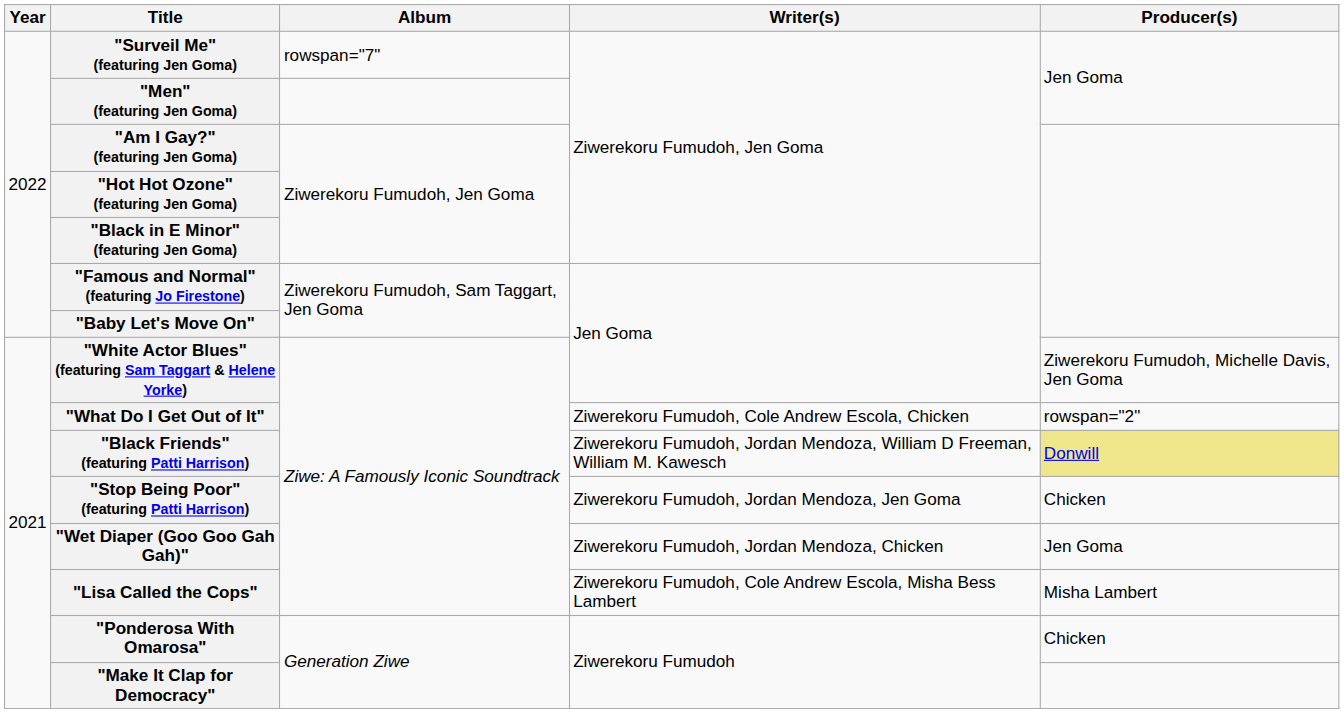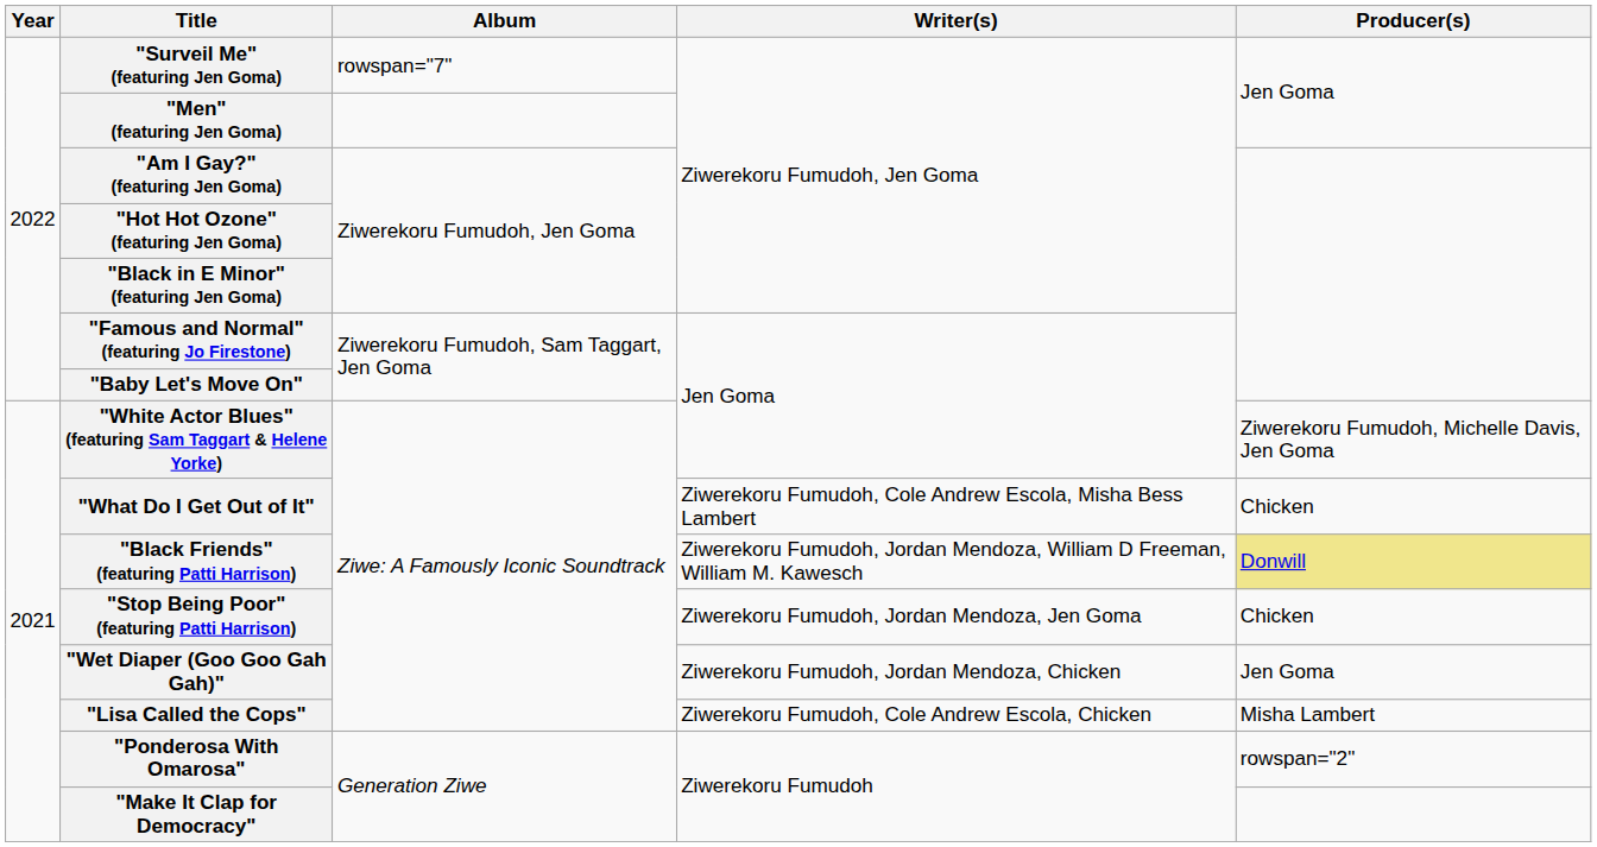 <table class="wikitable plainrowheaders" style="text-align:left;">
 <tr>
 <th scope="col">Year</th>
 <th scope="col">Title</th>
 <th scope="col">Album</th>
 <th scope="col">Writer(s)</th>
 <th scope="col">Producer(s)</th>
 </tr>
 <tr>
 <td rowspan="7">2022</td>
 <th scope="row">"Surveil Me"<br><small>(featuring Jen Goma)</small></th>
 <td>rowspan="7" </td>
 <td rowspan="5">Ziwerekoru Fumudoh, Jen Goma</td>
 <td rowspan="2">Jen Goma</td>
 </tr>
 <tr>
 <th scope="row">"Men"<br><small>(featuring Jen Goma)</small></th>
 </tr>
 <tr>
 <th scope="row">"Am I Gay?"<br><small>(featuring Jen Goma)</small></th>
 <td rowspan="3">Ziwerekoru Fumudoh, Jen Goma</td>
 </tr>
 <tr>
 <th scope="row">"Hot Hot Ozone"<br><small>(featuring Jen Goma)</small></th>
 </tr>
 <tr>
 <th scope="row">"Black in E Minor"<br><small>(featuring Jen Goma)</small></th>
 </tr>
 <tr>
 <th scope="row">"Famous and Normal"<br><small>(featuring <a href='#'>Jo Firestone</a>)</small></th>
 <td rowspan="2">Ziwerekoru Fumudoh, Sam Taggart, Jen Goma</td>
 <td rowspan="3">Jen Goma</td>
 </tr>
 <tr>
 <th scope="row">"Baby Let's Move On"</th>
 </tr>
 <tr>
 <td rowspan="8">2021</td>
 <th scope="row">"White Actor Blues" <br><small>(featuring <a href='#'>Sam Taggart</a> & <a href='#'>Helene Yorke</a>)</small></th>
 <td rowspan="6"><em>Ziwe: A Famously Iconic Soundtrack</em></td>
 <td>Ziwerekoru Fumudoh, Michelle Davis, Jen Goma</td>
 </tr>
 <tr>
 <th scope="row">"What Do I Get Out of It"</th>
-<td>Ziwerekoru Fumudoh, Cole Andrew Escola, Chicken</td>
-<td>rowspan="2" </td>
+<td rowspan="1">Ziwerekoru Fumudoh, Cole Andrew Escola, Misha Bess Lambert</td>
+<td>Chicken</td>
 </tr>
 <tr>
 <th scope="row">"Black Friends"<br><small>(featuring <a href='#'>Patti Harrison</a>)</small></th>
 <td>Ziwerekoru Fumudoh, Jordan Mendoza, William D Freeman, William M. Kawesch</td>
 <td style="background: khaki;"><a href='#'>Donwill</a></td>
 </tr>
 <tr>
 <th scope="row">"Stop Being Poor"<br><small>(featuring <a href='#'>Patti Harrison</a>)</small></th>
 <td>Ziwerekoru Fumudoh, Jordan Mendoza, Jen Goma</td>
 <td>Chicken</td>
 </tr>
 <tr>
 <th scope="row">"Wet Diaper (Goo Goo Gah Gah)"</th>
 <td>Ziwerekoru Fumudoh, Jordan Mendoza, Chicken</td>
 <td>Jen Goma</td>
 </tr>
 <tr>
 <th scope="row">"Lisa Called the Cops"</th>
-<td rowspan="1">Ziwerekoru Fumudoh, Cole Andrew Escola, Misha Bess Lambert</td>
+<td>Ziwerekoru Fumudoh, Cole Andrew Escola, Chicken</td>
 <td>Misha Lambert</td>
 </tr>
 <tr>
 <th scope="row">"Ponderosa With Omarosa"</th>
 <td rowspan="2"><em>Generation Ziwe</em></td>
 <td rowspan="2">Ziwerekoru Fumudoh</td>
-<td>Chicken</td>
+<td>rowspan="2" </td>
 </tr>
 <tr>
 <th scope="row">"Make It Clap for Democracy"</th>
 </tr>
 </table>
